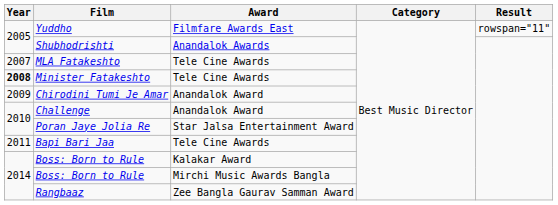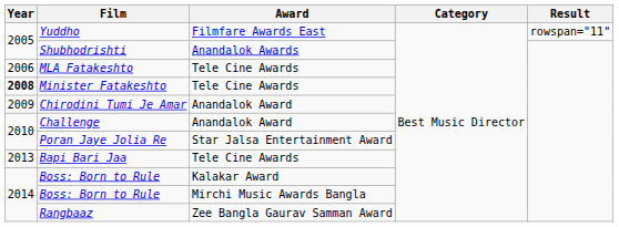 <table class="wikitable">
 <tr>
 <th>Year</th>
 <th>Film</th>
 <th>Award</th>
 <th>Category</th>
 <th>Result</th>
 </tr>
 <tr>
 <td rowspan="2">2005</td>
 <td><em><a href='#'>Yuddho</a></em></td>
 <td><a href='#'>Filmfare Awards East</a></td>
 <td rowspan="11">Best Music Director</td>
 <td>rowspan="11" </td>
 </tr>
 <tr>
 <td><em><a href='#'>Shubhodrishti</a></em></td>
 <td><a href='#'>Anandalok Awards</a></td>
 </tr>
 <tr>
-<td>2007</td>
+<td>2006</td>
 <td><em><a href='#'>MLA Fatakeshto</a></em></td>
 <td>Tele Cine Awards</td>
 </tr>
 <tr>
 <td><strong>2008</strong></td>
 <td><em><a href='#'>Minister Fatakeshto</a></em></td>
 <td>Tele Cine Awards</td>
 </tr>
 <tr>
 <td>2009</td>
 <td><em><a href='#'>Chirodini Tumi Je Amar</a></em></td>
 <td>Anandalok Award</td>
 </tr>
 <tr>
 <td rowspan="2">2010</td>
 <td><em><a href='#'>Challenge</a></em></td>
 <td>Anandalok Award</td>
 </tr>
 <tr>
 <td><em><a href='#'>Poran Jaye Jolia Re</a></em></td>
 <td>Star Jalsa Entertainment Award</td>
 </tr>
 <tr>
-<td>2011</td>
+<td>2013</td>
 <td><em><a href='#'>Bapi Bari Jaa</a></em></td>
 <td>Tele Cine Awards</td>
 </tr>
 <tr>
 <td rowspan="3">2014</td>
 <td><em><a href='#'>Boss: Born to Rule</a></em></td>
 <td>Kalakar Award</td>
 </tr>
 <tr>
 <td><em><a href='#'>Boss: Born to Rule</a></em></td>
 <td>Mirchi Music Awards Bangla</td>
 </tr>
 <tr>
 <td><em><a href='#'>Rangbaaz</a></em></td>
 <td>Zee Bangla Gaurav Samman Award</td>
 </tr>
 </table>
